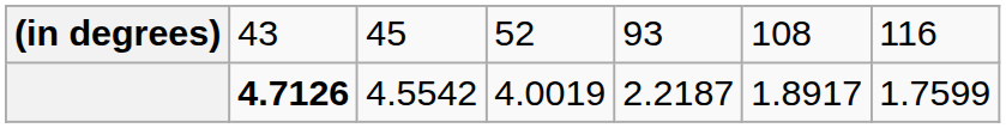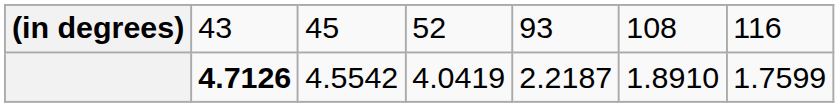 <table class="wikitable">
 <tr>
 <th> (in degrees)</th>
 <td>43</td>
 <td>45</td>
 <td>52</td>
 <td>93</td>
 <td>108</td>
 <td>116</td>
 </tr>
 <tr>
 <th></th>
 <td><strong>4.7126</strong></td>
 <td>4.5542</td>
-<td>4.0019</td>
+<td>4.0419</td>
 <td>2.2187</td>
-<td>1.8917</td>
+<td>1.8910</td>
 <td>1.7599</td>
 </tr>
 </table>
